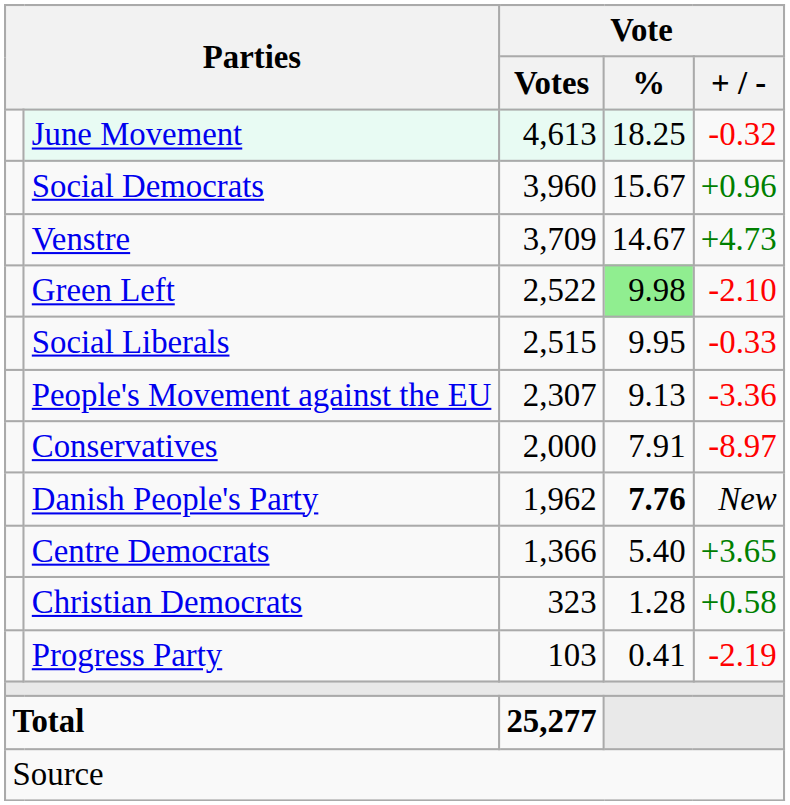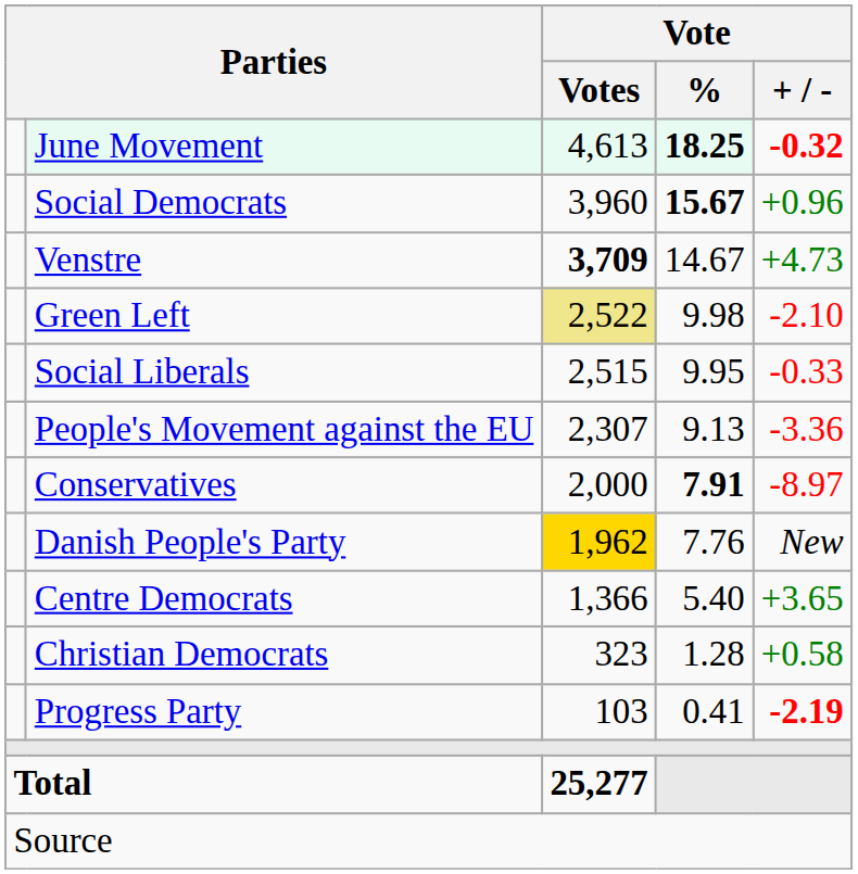 <table class="wikitable" style="text-align:right;">
 <tr>
 <th style="text-align:centre;" rowspan="2" colspan="2" width="225">Parties</th>
 <th colspan="3">Vote</th>
 </tr>
 <tr>
 <th width="15">Votes</th>
 <th width="15">%</th>
 <th width="15">+ / -</th>
 </tr>
 <tr>
 <td width="2" style="color:inherit;background:"></td>
 <td bgcolor=#e8fbf3   align="left"><a href='#'>June Movement</a></td>
 <td bgcolor=#e8fbf3>4,613</td>
-<td bgcolor=#e8fbf3>18.25</td>
-<td style=color:red;>-0.32</td>
+<td bgcolor=#e8fbf3><strong>18.25</strong></td>
+<td style=color:red;><strong>-0.32</strong></td>
 </tr>
 <tr>
 <td width="2" style="color:inherit;background:"></td>
 <td align="left"><a href='#'>Social Democrats</a></td>
 <td>3,960</td>
-<td>15.67</td>
+<td><strong>15.67</strong></td>
 <td style=color:green;>+0.96</td>
 </tr>
 <tr>
 <td width="2" style="color:inherit;background:"></td>
 <td align="left"><a href='#'>Venstre</a></td>
-<td>3,709</td>
+<td><strong>3,709</strong></td>
 <td>14.67</td>
 <td style=color:green;>+4.73</td>
 </tr>
 <tr>
 <td width="2" style="color:inherit;background:"></td>
 <td align="left"><a href='#'>Green Left</a></td>
-<td>2,522</td>
-<td style="background: lightgreen;">9.98</td>
+<td style="background: khaki;">2,522</td>
+<td>9.98</td>
 <td style=color:red;>-2.10</td>
 </tr>
 <tr>
 <td width="2" style="color:inherit;background:"></td>
 <td align="left"><a href='#'>Social Liberals</a></td>
 <td>2,515</td>
 <td>9.95</td>
 <td style=color:red;>-0.33</td>
 </tr>
 <tr>
 <td width="2" style="color:inherit;background:"></td>
 <td align="left"><a href='#'>People's Movement against the EU</a></td>
 <td>2,307</td>
 <td>9.13</td>
 <td style=color:red;>-3.36</td>
 </tr>
 <tr>
 <td width="2" style="color:inherit;background:"></td>
 <td align="left"><a href='#'>Conservatives</a></td>
 <td>2,000</td>
-<td>7.91</td>
+<td><strong>7.91</strong></td>
 <td style=color:red;>-8.97</td>
 </tr>
 <tr>
 <td width="2" style="color:inherit;background:"></td>
 <td align="left"><a href='#'>Danish People's Party</a></td>
-<td>1,962</td>
-<td><strong>7.76</strong></td>
+<td style="background: gold;">1,962</td>
+<td>7.76</td>
 <td><em>New</em></td>
 </tr>
 <tr>
 <td width="2" style="color:inherit;background:"></td>
 <td align="left"><a href='#'>Centre Democrats</a></td>
 <td>1,366</td>
 <td>5.40</td>
 <td style=color:green;>+3.65</td>
 </tr>
 <tr>
 <td width="2" style="color:inherit;background:"></td>
 <td align="left"><a href='#'>Christian Democrats</a></td>
 <td>323</td>
 <td>1.28</td>
 <td style=color:green;>+0.58</td>
 </tr>
 <tr>
 <td width="2" style="color:inherit;background:"></td>
 <td align="left"><a href='#'>Progress Party</a></td>
 <td>103</td>
 <td>0.41</td>
-<td style=color:red;>-2.19</td>
+<td style=color:red;><strong>-2.19</strong></td>
 </tr>
 <tr>
 <td colspan="7" bgcolor="#E9E9E9"></td>
 </tr>
 <tr>
 <td align="left" colspan="2"><strong>Total</strong></td>
 <td><strong>25,277</strong></td>
 <td bgcolor="#E9E9E9" colspan="2"></td>
 </tr>
 <tr>
 <td align="left" colspan="6">Source</td>
 </tr>
 </table>
